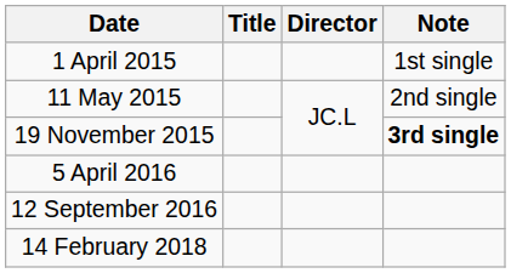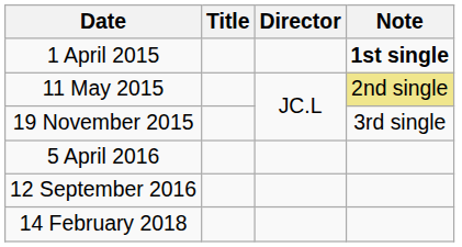 <table class="wikitable">
 <tr>
 <th>Date</th>
 <th>Title</th>
 <th>Director</th>
 <th>Note</th>
 </tr>
 <tr align="center">
 <td>1 April 2015</td>
 <td></td>
 <td></td>
-<td>1st single</td>
+<td><strong>1st single</strong></td>
 </tr>
 <tr align="center">
 <td>11 May 2015</td>
 <td></td>
 <td rowspan="2">JC.L</td>
-<td>2nd single</td>
+<td style="background: khaki;">2nd single</td>
 </tr>
 <tr align="center">
 <td>19 November 2015</td>
 <td></td>
-<td><strong>3rd single</strong></td>
+<td>3rd single</td>
 </tr>
 <tr align="center">
 <td>5 April 2016</td>
 <td></td>
 <td></td>
 <td></td>
 </tr>
 <tr align="center">
 <td>12 September 2016</td>
 <td></td>
 <td></td>
 <td></td>
 </tr>
 <tr align="center">
 <td>14 February 2018</td>
 <td></td>
 <td></td>
 <td></td>
 </tr>
 </table>
